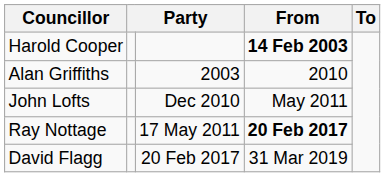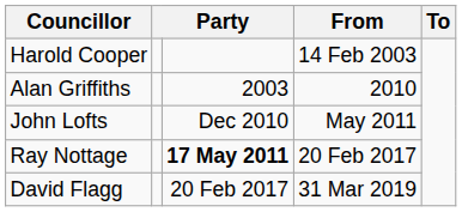 <table class=wikitable>
 <tr>
 <th>Councillor</th>
 <th colspan=2>Party</th>
 <th>From</th>
 <th>To</th>
 </tr>
 <tr>
 <td>Harold Cooper</td>
 <td></td>
 <td></td>
-<td align=right><strong>14 Feb 2003</strong></td>
+<td align=right>14 Feb 2003</td>
 </tr>
 <tr>
 <td>Alan Griffiths</td>
 <td></td>
 <td align=right>2003</td>
 <td align=right>2010</td>
 </tr>
 <tr>
 <td>John Lofts</td>
 <td></td>
 <td align=right>Dec 2010</td>
 <td align=right>May 2011</td>
 </tr>
 <tr>
 <td>Ray Nottage</td>
 <td></td>
-<td align=right>17 May 2011</td>
-<td align=right><strong>20 Feb 2017</strong></td>
+<td align=right><strong>17 May 2011</strong></td>
+<td align=right>20 Feb 2017</td>
 </tr>
 <tr>
 <td>David Flagg</td>
 <td></td>
 <td align=right>20 Feb 2017</td>
 <td align=right>31 Mar 2019</td>
 </tr>
 </table>
